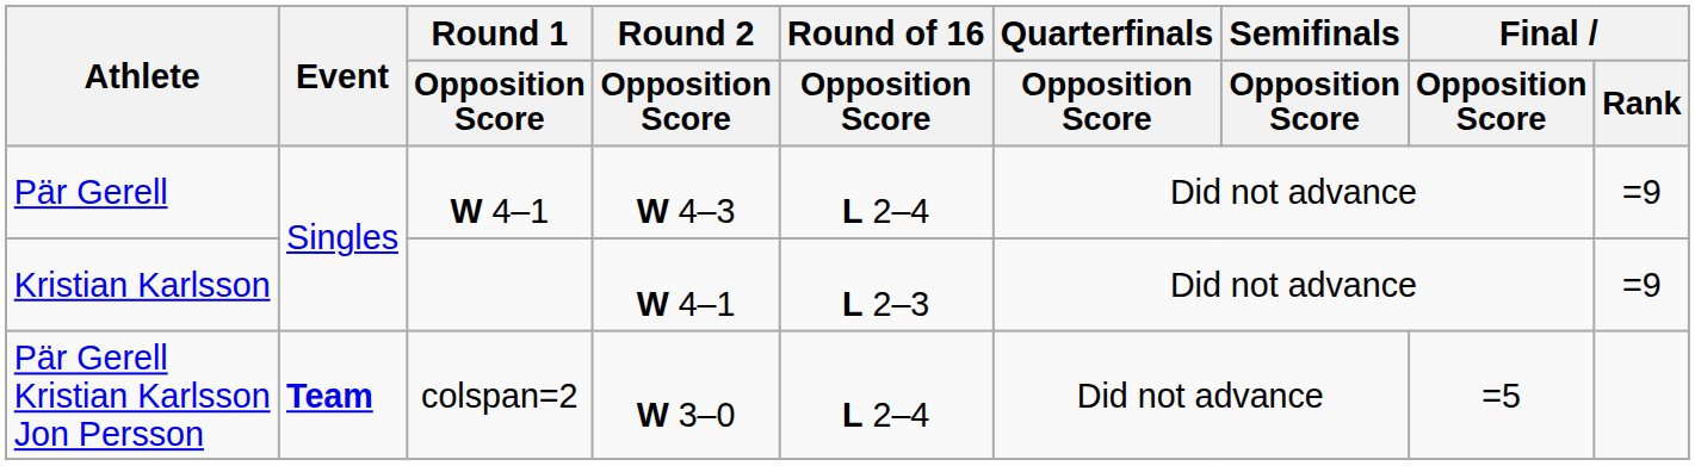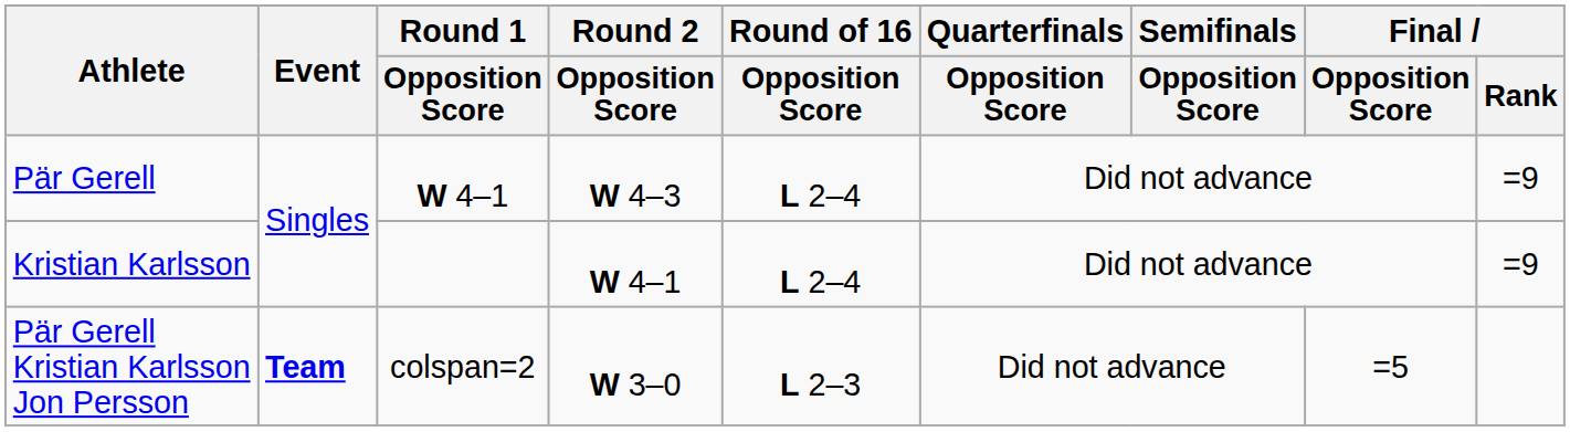 <table class=wikitable style="font-size:90%">
 <tr>
 <th rowspan="2">Athlete</th>
 <th rowspan="2">Event</th>
 <th>Round 1</th>
 <th>Round 2</th>
 <th>Round of 16</th>
 <th>Quarterfinals</th>
 <th>Semifinals</th>
 <th colspan=2>Final / </th>
 </tr>
 <tr style="font-size:95%">
 <th>Opposition<br>Score</th>
 <th>Opposition<br>Score</th>
 <th>Opposition<br>Score</th>
 <th>Opposition<br>Score</th>
 <th>Opposition<br>Score</th>
 <th>Opposition<br>Score</th>
 <th>Rank</th>
 </tr>
 <tr align=center>
 <td align=left><a href='#'>Pär Gerell</a></td>
 <td align=left rowspan=2><a href='#'>Singles</a></td>
 <td><br><strong>W</strong> 4–1</td>
 <td><br><strong>W</strong> 4–3</td>
 <td><br><strong>L</strong> 2–4</td>
 <td colspan=3>Did not advance</td>
 <td>=9</td>
 </tr>
 <tr align=center>
 <td align=left><a href='#'>Kristian Karlsson</a></td>
 <td></td>
 <td><br><strong>W</strong> 4–1</td>
-<td><br><strong>L</strong> 2–3</td>
+<td><br><strong>L</strong> 2–4</td>
 <td colspan=3>Did not advance</td>
 <td>=9</td>
 </tr>
 <tr align=center>
 <td align=left><a href='#'>Pär Gerell</a><br><a href='#'>Kristian Karlsson</a><br><a href='#'>Jon Persson</a></td>
 <td align=left><strong><a href='#'>Team</a></strong></td>
 <td>colspan=2 </td>
 <td><br><strong>W</strong> 3–0</td>
-<td><br><strong>L</strong> 2–4</td>
+<td><br><strong>L</strong> 2–3</td>
 <td colspan=2>Did not advance</td>
 <td>=5</td>
 </tr>
 </table>
